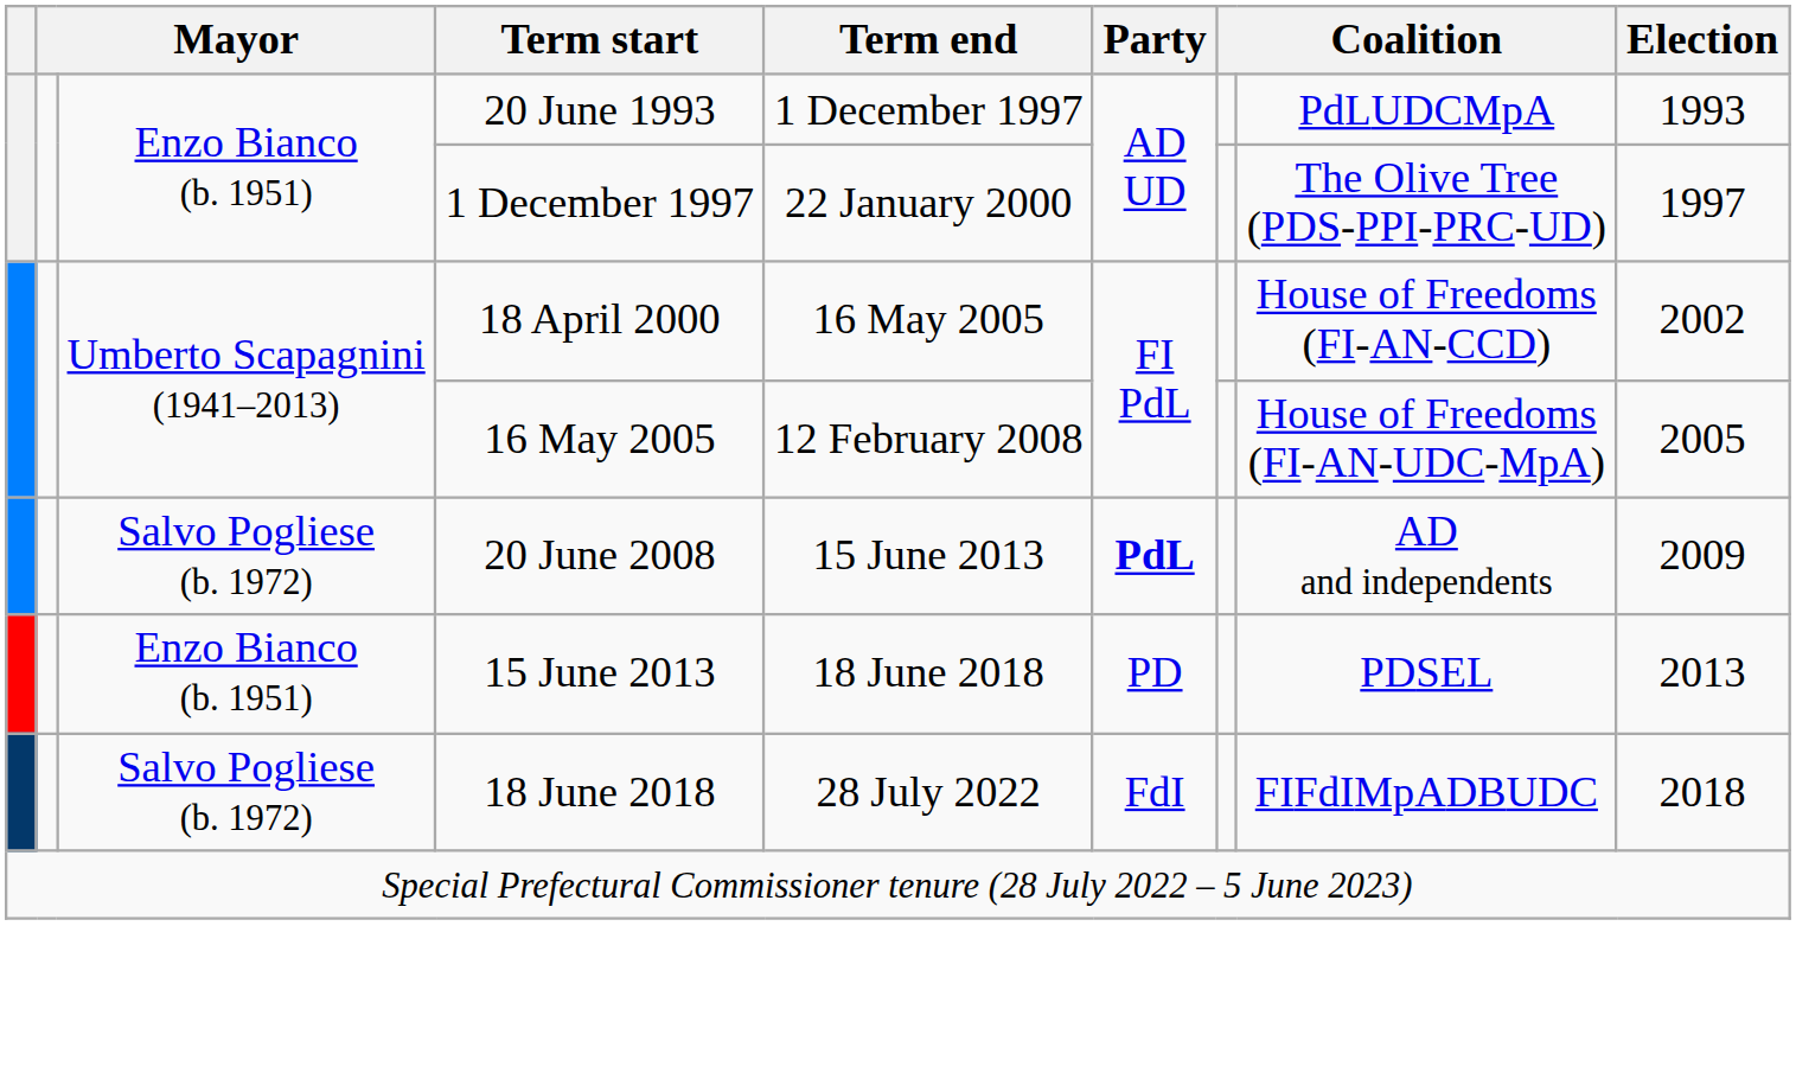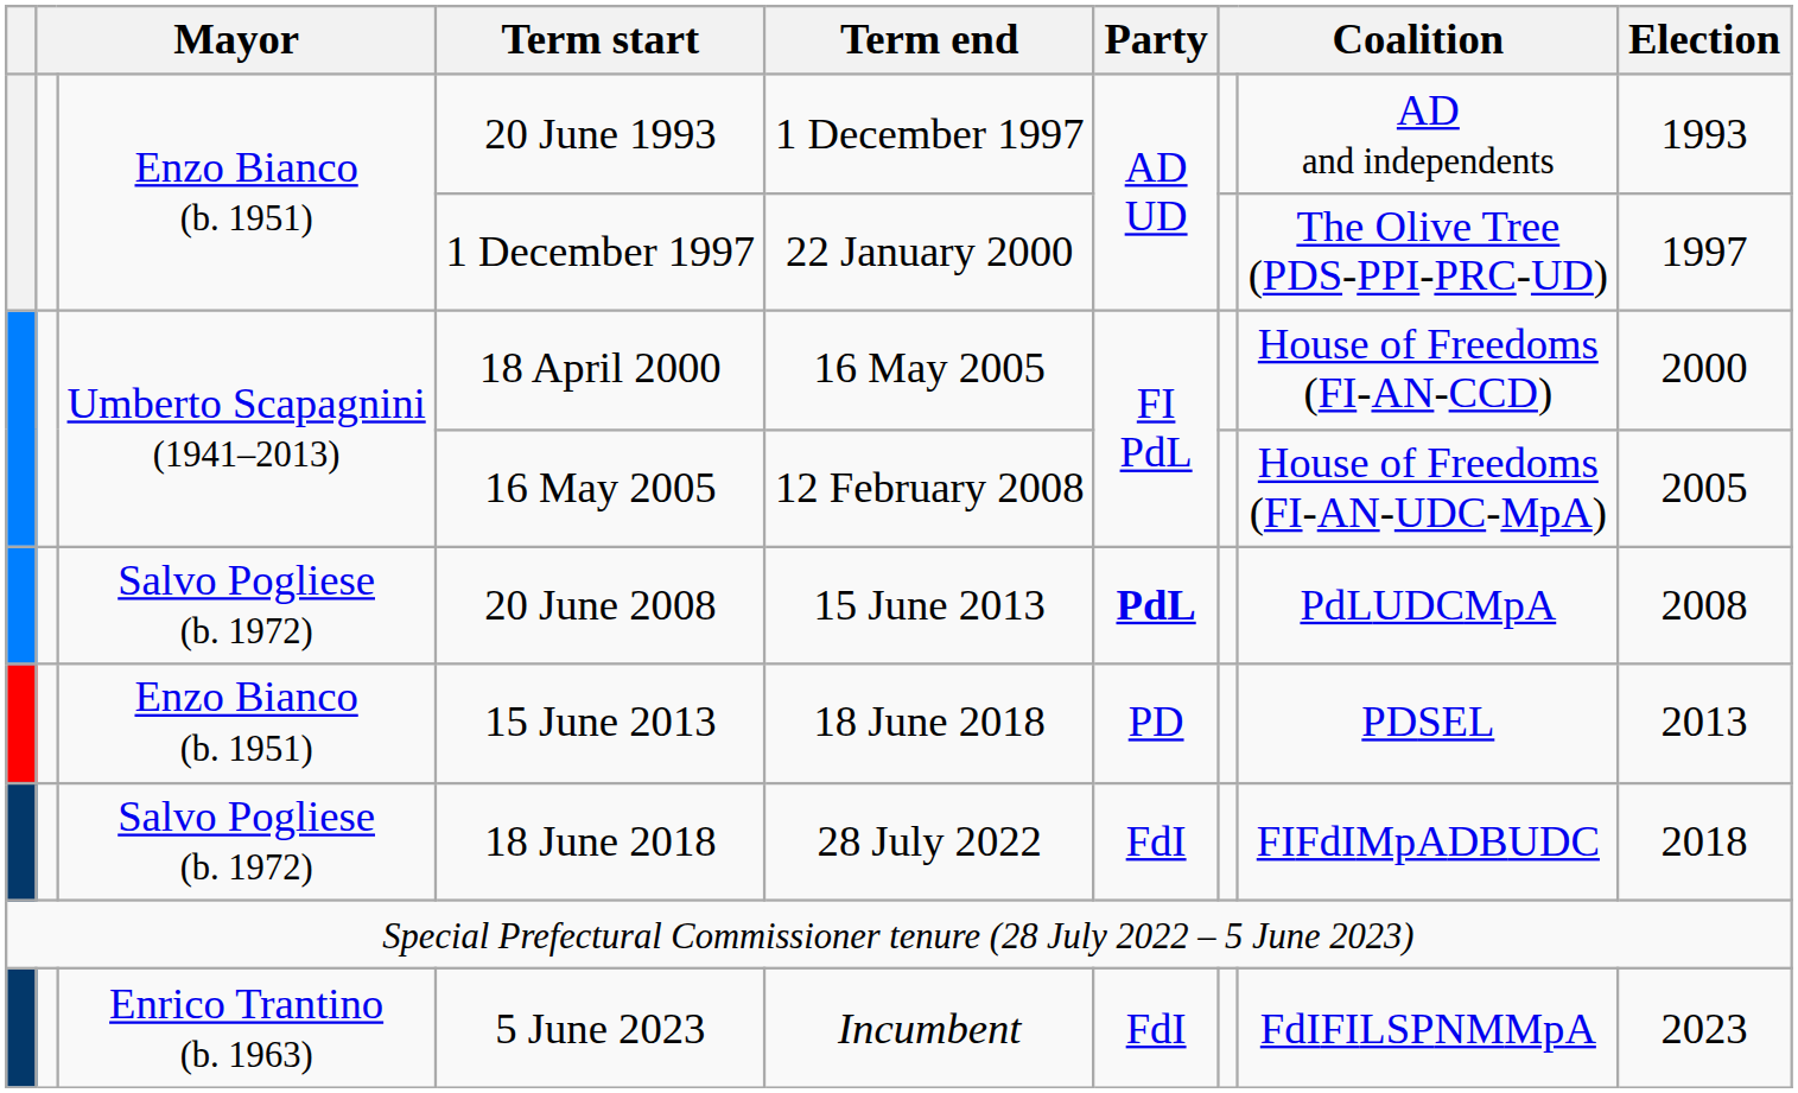 <table class="wikitable" style="text-align: center;">
 <tr>
 <th class=unsortable> </th>
 <th colspan=2>Mayor</th>
 <th>Term start</th>
 <th>Term end</th>
 <th>Party</th>
 <th colspan="2">Coalition</th>
 <th>Election</th>
 </tr>
 <tr>
 <th rowspan=2 style="background:"></th>
 <td rowspan=2></td>
 <td rowspan=2><a href='#'>Enzo Bianco</a> <br><small>(b. 1951)</small></td>
 <td>20 June 1993</td>
 <td>1 December 1997</td>
 <td rowspan=2><a href='#'>AD</a><br><a href='#'>UD</a></td>
 <td style="background: "></td>
-<td><a href='#'>PdL</a><a href='#'>UDC</a><a href='#'>MpA</a></td>
+<td><a href='#'>AD</a><br><small>and independents</small></td>
 <td>1993</td>
 </tr>
 <tr>
 <td>1 December 1997</td>
 <td>22 January 2000</td>
 <td style="background: "></td>
 <td><a href='#'>The Olive Tree</a><br>(<a href='#'>PDS</a>-<a href='#'>PPI</a>-<a href='#'>PRC</a>-<a href='#'>UD</a>)</td>
 <td>1997</td>
 </tr>
 <tr>
 <th rowspan=2 style="background:#007FFF;"></th>
 <td rowspan=2></td>
 <td rowspan=2><a href='#'>Umberto Scapagnini</a> <br><small>(1941–2013)</small></td>
 <td>18 April 2000</td>
 <td>16 May 2005</td>
 <td rowspan=2><a href='#'>FI</a><br><a href='#'>PdL</a></td>
 <td style="background: "></td>
 <td><a href='#'>House of Freedoms</a><br>(<a href='#'>FI</a>-<a href='#'>AN</a>-<a href='#'>CCD</a>)</td>
-<td>2002</td>
+<td>2000</td>
 </tr>
 <tr>
 <td>16 May 2005</td>
 <td>12 February 2008</td>
 <td style="background: "></td>
 <td><a href='#'>House of Freedoms</a><br>(<a href='#'>FI</a>-<a href='#'>AN</a>-<a href='#'>UDC</a>-<a href='#'>MpA</a>)</td>
 <td>2005</td>
 </tr>
 <tr>
 <th style="background:#007FFF;"></th>
 <td></td>
 <td><a href='#'>Salvo Pogliese</a> <br><small>(b. 1972)</small></td>
 <td>20 June 2008</td>
 <td>15 June 2013</td>
 <td><strong><a href='#'>PdL</a></strong></td>
 <td style="background: "></td>
-<td><a href='#'>AD</a><br><small>and independents</small></td>
-<td>2009</td>
+<td><a href='#'>PdL</a><a href='#'>UDC</a><a href='#'>MpA</a></td>
+<td>2008</td>
 </tr>
 <tr>
 <th style="background:#FF0000;"></th>
 <td></td>
 <td><a href='#'>Enzo Bianco</a> <br><small>(b. 1951)</small></td>
 <td>15 June 2013</td>
 <td>18 June 2018</td>
 <td><a href='#'>PD</a></td>
 <td style="background: "></td>
 <td><a href='#'>PD</a><a href='#'>SEL</a></td>
 <td>2013</td>
 </tr>
 <tr>
 <th style="background:#03386A;"></th>
 <td></td>
 <td><a href='#'>Salvo Pogliese</a> <br><small>(b. 1972)</small></td>
 <td>18 June 2018</td>
 <td>28 July 2022</td>
 <td><a href='#'>FdI</a></td>
 <td style="background: "></td>
 <td><a href='#'>FI</a><a href='#'>FdI</a><a href='#'>MpA</a><a href='#'>DB</a><a href='#'>UDC</a></td>
 <td>2018</td>
 </tr>
 <tr>
 <td colspan=9><small><em>Special Prefectural Commissioner tenure (28 July 2022 – 5 June 2023)</em></small></td>
 </tr>
+<tr>
+<th style="background:#03386A;"></th>
+<td></td>
+<td><a href='#'>Enrico Trantino</a> <br><small>(b. 1963)</small></td>
+<td>5 June 2023</td>
+<td><em>Incumbent</em></td>
+<td><a href='#'>FdI</a></td>
+<td style="background: "></td>
+<td><a href='#'>FdI</a><a href='#'>FI</a><a href='#'>LSP</a><a href='#'>NM</a><a href='#'>MpA</a></td>
+<td>2023</td>
+</tr>
 </table>
